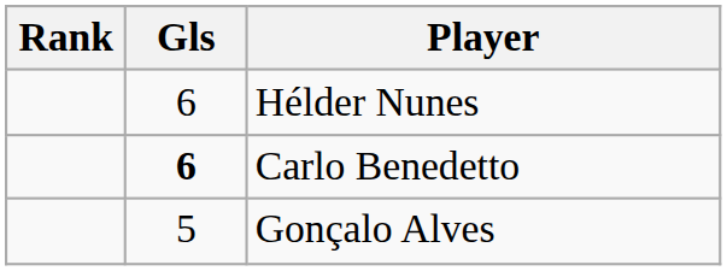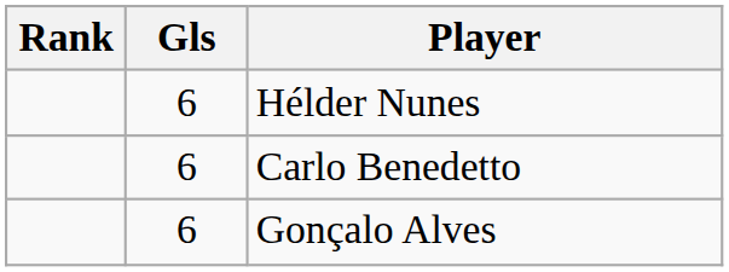 <table class="wikitable" style="text-align: center;">
 <tr>
 <th width=40>Rank</th>
 <th width=40>Gls</th>
 <th width=180>Player</th>
 </tr>
 <tr align=center>
 <td></td>
 <td>6</td>
 <td align="left"> Hélder Nunes</td>
 </tr>
 <tr align=center>
 <td></td>
-<td><strong>6</strong></td>
+<td>6</td>
 <td align="left"> Carlo Benedetto</td>
 </tr>
 <tr align=center>
 <td></td>
-<td>5</td>
+<td>6</td>
 <td align="left"> Gonçalo Alves</td>
 </tr>
 </table>
